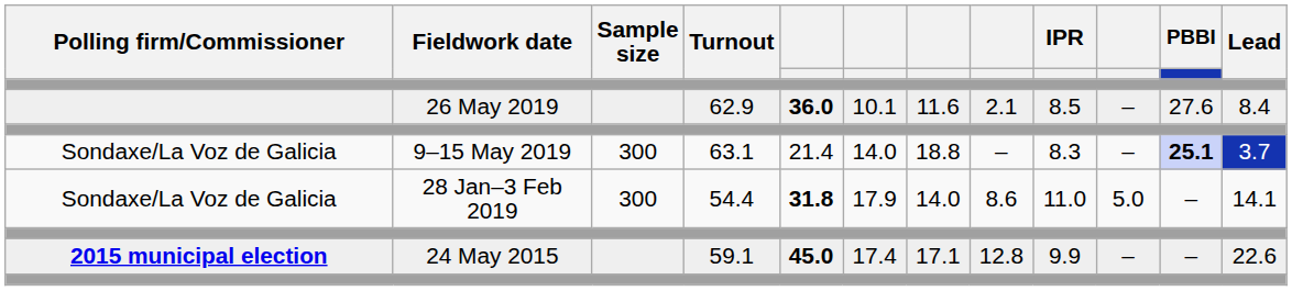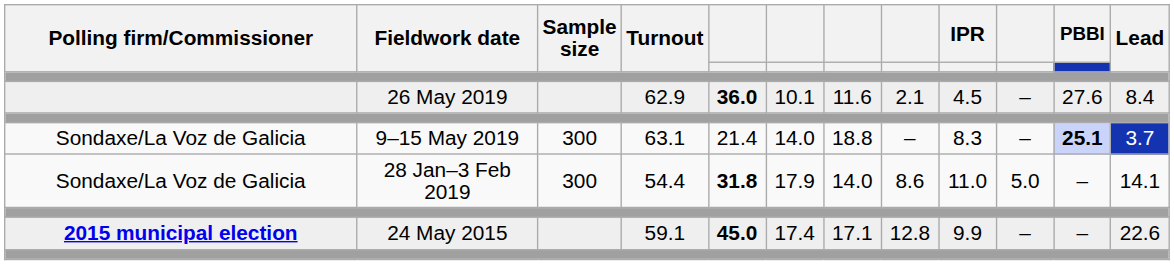 <table class="wikitable collapsible collapsed" style="text-align:center; font-size:95%; line-height:16px;">
 <tr style="height:42px;">
 <th style="width:250px;" rowspan="2">Polling firm/Commissioner</th>
 <th style="width:125px;" rowspan="2">Fieldwork date</th>
 <th style="width:50px;" rowspan="2">Sample size</th>
 <th style="width:45px;" rowspan="2">Turnout</th>
 <th style="width:35px;"></th>
 <th style="width:35px;"></th>
 <th style="width:35px;"></th>
 <th style="width:35px;"></th>
 <th style="width:35px;">IPR</th>
 <th style="width:35px;"></th>
 <th style="width:35px; font-size:90%;">PBBI</th>
 <th style="width:30px;" rowspan="2">Lead</th>
 </tr>
 <tr>
 <th style="color:inherit;background:"></th>
 <th style="color:inherit;background:"></th>
 <th style="color:inherit;background:"></th>
 <th style="color:inherit;background:"></th>
 <th style="color:inherit;background:"></th>
 <th style="color:inherit;background:"></th>
 <th style="color:inherit;background:#1433B0;"></th>
 </tr>
 <tr>
 <td colspan="12" style="background:#A0A0A0"></td>
 </tr>
 <tr style="background:#EFEFEF;">
 <td><strong></strong></td>
 <td>26 May 2019</td>
 <td></td>
 <td>62.9</td>
 <td><strong>36.0</strong><br></td>
 <td>10.1<br></td>
 <td>11.6<br></td>
 <td>2.1<br></td>
-<td>8.5<br></td>
+<td>4.5<br></td>
 <td>–</td>
 <td>27.6<br></td>
 <td style="background:">8.4</td>
 </tr>
 <tr>
 <td colspan="12" style="background:#A0A0A0"></td>
 </tr>
 <tr>
 <td>Sondaxe/La Voz de Galicia</td>
 <td>9–15 May 2019</td>
 <td>300</td>
 <td>63.1</td>
 <td>21.4<br></td>
 <td>14.0<br></td>
 <td>18.8<br></td>
 <td>–</td>
 <td>8.3<br></td>
 <td>–</td>
 <td style="background:#CAD3F9;"><strong>25.1</strong><br></td>
 <td style="background:#1433B0; color:white;">3.7</td>
 </tr>
 <tr>
 <td>Sondaxe/La Voz de Galicia</td>
 <td>28 Jan–3 Feb 2019</td>
 <td>300</td>
 <td>54.4</td>
 <td><strong>31.8</strong><br></td>
 <td>17.9<br></td>
 <td>14.0<br></td>
 <td>8.6<br></td>
 <td>11.0<br></td>
 <td>5.0<br></td>
 <td>–</td>
 <td style="background:">14.1</td>
 </tr>
 <tr>
 <td colspan="12" style="background:#A0A0A0"></td>
 </tr>
 <tr style="background:#EFEFEF;">
 <td><strong><a href='#'>2015 municipal election</a></strong></td>
 <td>24 May 2015</td>
 <td></td>
 <td>59.1</td>
 <td><strong>45.0</strong><br></td>
 <td>17.4<br></td>
 <td>17.1<br></td>
 <td>12.8<br></td>
 <td>9.9<br></td>
 <td>–</td>
 <td>–</td>
 <td style="background:">22.6</td>
 </tr>
 <tr>
 <td colspan="12" style="background:#A0A0A0"></td>
 </tr>
 </table>
